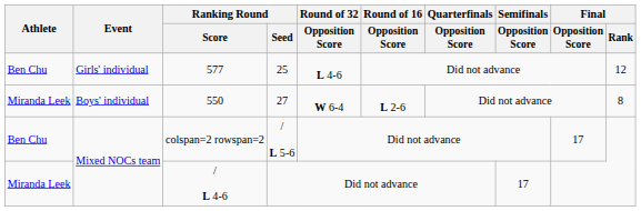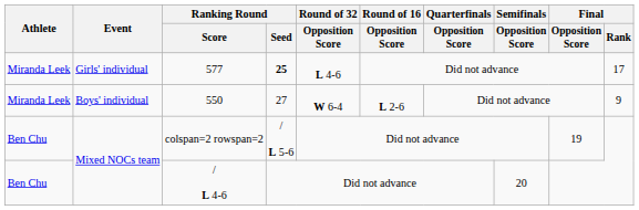 <table class=wikitable style=font-size:90%;text-align:center>
 <tr>
 <th rowspan=2>Athlete</th>
 <th rowspan=2>Event</th>
 <th colspan=2>Ranking Round</th>
 <th>Round of 32</th>
 <th>Round of 16</th>
 <th>Quarterfinals</th>
 <th>Semifinals</th>
 <th colspan=2>Final</th>
 </tr>
 <tr style=font-size:95%>
 <th>Score</th>
 <th>Seed</th>
 <th>Opposition<br>Score</th>
 <th>Opposition<br>Score</th>
 <th>Opposition<br>Score</th>
 <th>Opposition<br>Score</th>
 <th>Opposition<br>Score</th>
 <th>Rank</th>
 </tr>
 <tr>
-<td align=left><a href='#'>Ben Chu</a></td>
+<td align=left><a href='#'>Miranda Leek</a><br></td>
 <td align=left><a href='#'>Girls' individual</a></td>
 <td>577</td>
-<td>25</td>
+<td><strong>25</strong></td>
 <td> <br> <strong>L</strong> 4-6</td>
 <td colspan=4>Did not advance</td>
-<td>12</td>
+<td>17</td>
 </tr>
 <tr>
 <td align=left><a href='#'>Miranda Leek</a></td>
 <td align=left><a href='#'>Boys' individual</a></td>
 <td>550</td>
 <td>27</td>
 <td> <br> <strong>W</strong> 6-4</td>
 <td> <br> <strong>L</strong> 2-6</td>
 <td colspan=3>Did not advance</td>
-<td>8</td>
+<td>9</td>
 </tr>
 <tr>
 <td align=left><a href='#'>Ben Chu</a><br></td>
 <td align=left rowspan=2><a href='#'>Mixed NOCs team</a></td>
 <td>colspan=2 rowspan=2 </td>
 <td> /<br>  <br> <strong>L</strong> 5-6</td>
 <td colspan=4>Did not advance</td>
-<td>17</td>
+<td>19</td>
 </tr>
 <tr>
-<td align=left><a href='#'>Miranda Leek</a><br></td>
+<td align=left><a href='#'>Ben Chu</a></td>
 <td> /<br>  <br> <strong>L</strong> 4-6</td>
 <td colspan=4>Did not advance</td>
-<td>17</td>
+<td>20</td>
 </tr>
 </table>
